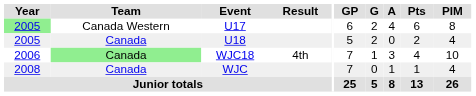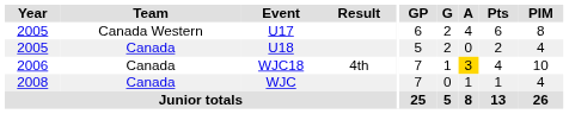 <table border="0" cellpadding="1" cellspacing="0" ID="Table3" style="text-align:center; width:40em">
 <tr ALIGN="center" bgcolor="#e0e0e0">
 <th>Year</th>
 <th>Team</th>
 <th>Event</th>
 <th>Result</th>
 <th rowspan="99" bgcolor="#ffffff"></th>
 <th>GP</th>
 <th>G</th>
 <th>A</th>
 <th>Pts</th>
 <th>PIM</th>
 </tr>
 <tr>
-<td style="background: lightgreen;"><a href='#'>2005</a></td>
+<td><a href='#'>2005</a></td>
 <td>Canada Western</td>
 <td><a href='#'>U17</a></td>
 <td></td>
 <td>6</td>
 <td>2</td>
 <td>4</td>
 <td>6</td>
 <td>8</td>
 </tr>
 <tr bgcolor="#f0f0f0">
 <td><a href='#'>2005</a></td>
 <td><a href='#'>Canada</a></td>
 <td><a href='#'>U18</a></td>
 <td></td>
 <td>5</td>
 <td>2</td>
 <td>0</td>
 <td>2</td>
 <td>4</td>
 </tr>
 <tr>
 <td><a href='#'>2006</a></td>
-<td style="background: lightgreen;">Canada</td>
+<td>Canada</td>
 <td><a href='#'>WJC18</a></td>
 <td>4th</td>
 <td>7</td>
 <td>1</td>
-<td>3</td>
+<td style="background: gold;">3</td>
 <td>4</td>
 <td>10</td>
 </tr>
 <tr bgcolor="#f0f0f0">
 <td><a href='#'>2008</a></td>
 <td><a href='#'>Canada</a></td>
 <td><a href='#'>WJC</a></td>
 <td></td>
 <td>7</td>
 <td>0</td>
 <td>1</td>
 <td>1</td>
 <td>4</td>
 </tr>
 <tr bgcolor="#e0e0e0">
 <th colspan="4">Junior totals</th>
 <th>25</th>
 <th>5</th>
 <th>8</th>
 <th>13</th>
 <th>26</th>
 </tr>
 </table>
